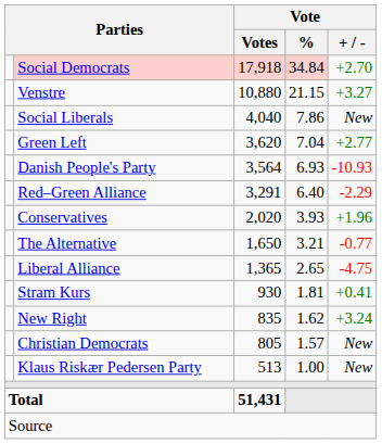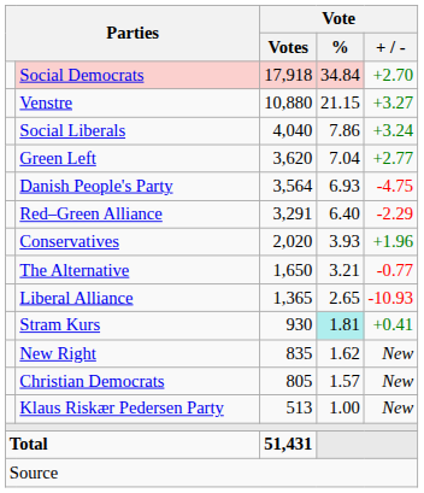 <table class="wikitable" style="text-align:right;">
 <tr>
 <th style="text-align:centre;" rowspan="2" colspan="2" width="225">Parties</th>
 <th colspan="3">Vote</th>
 </tr>
 <tr>
 <th width="15">Votes</th>
 <th width="15">%</th>
 <th width="15">+ / -</th>
 </tr>
 <tr>
 <td width="2" style="color:inherit;background:"></td>
 <td bgcolor=#fbd0ce  align="left"><a href='#'>Social Democrats</a></td>
 <td bgcolor=#fbd0ce>17,918</td>
 <td bgcolor=#fbd0ce>34.84</td>
 <td style=color:green;>+2.70</td>
 </tr>
 <tr>
 <td width="2" style="color:inherit;background:"></td>
 <td align="left"><a href='#'>Venstre</a></td>
 <td>10,880</td>
 <td>21.15</td>
 <td style=color:green;>+3.27</td>
 </tr>
 <tr>
 <td width="2" style="color:inherit;background:"></td>
 <td align="left"><a href='#'>Social Liberals</a></td>
 <td>4,040</td>
 <td>7.86</td>
-<td><em>New</em></td>
+<td style=color:green;>+3.24</td>
 </tr>
 <tr>
 <td width="2" style="color:inherit;background:"></td>
 <td align="left"><a href='#'>Green Left</a></td>
 <td>3,620</td>
 <td>7.04</td>
 <td style=color:green;>+2.77</td>
 </tr>
 <tr>
 <td width="2" style="color:inherit;background:"></td>
 <td align="left"><a href='#'>Danish People's Party</a></td>
 <td>3,564</td>
 <td>6.93</td>
-<td style=color:red;>-10.93</td>
+<td style=color:red;>-4.75</td>
 </tr>
 <tr>
 <td width="2" style="color:inherit;background:"></td>
 <td align="left"><a href='#'>Red–Green Alliance</a></td>
 <td>3,291</td>
 <td>6.40</td>
 <td style=color:red;>-2.29</td>
 </tr>
 <tr>
 <td width="2" style="color:inherit;background:"></td>
 <td align="left"><a href='#'>Conservatives</a></td>
 <td>2,020</td>
 <td>3.93</td>
 <td style=color:green;>+1.96</td>
 </tr>
 <tr>
 <td width="2" style="color:inherit;background:"></td>
 <td align="left"><a href='#'>The Alternative</a></td>
 <td>1,650</td>
 <td>3.21</td>
 <td style=color:red;>-0.77</td>
 </tr>
 <tr>
 <td width="2" style="color:inherit;background:"></td>
 <td align="left"><a href='#'>Liberal Alliance</a></td>
 <td>1,365</td>
 <td>2.65</td>
-<td style=color:red;>-4.75</td>
+<td style=color:red;>-10.93</td>
 </tr>
 <tr>
 <td width="2" style="color:inherit;background:"></td>
 <td align="left"><a href='#'>Stram Kurs</a></td>
 <td>930</td>
-<td>1.81</td>
+<td style="background: paleturquoise;">1.81</td>
 <td style=color:green;>+0.41</td>
 </tr>
 <tr>
 <td width="2" style="color:inherit;background:"></td>
 <td align="left"><a href='#'>New Right</a></td>
 <td>835</td>
 <td>1.62</td>
-<td style=color:green;>+3.24</td>
+<td><em>New</em></td>
 </tr>
 <tr>
 <td width="2" style="color:inherit;background:"></td>
 <td align="left"><a href='#'>Christian Democrats</a></td>
 <td>805</td>
 <td>1.57</td>
 <td><em>New</em></td>
 </tr>
 <tr>
 <td width="2" style="color:inherit;background:"></td>
 <td align="left"><a href='#'>Klaus Riskær Pedersen Party</a></td>
 <td>513</td>
 <td>1.00</td>
 <td><em>New</em></td>
 </tr>
 <tr>
 <td colspan="7" bgcolor="#E9E9E9"></td>
 </tr>
 <tr>
 <td align="left" colspan="2"><strong>Total</strong></td>
 <td><strong>51,431</strong></td>
 <td bgcolor="#E9E9E9" colspan="2"></td>
 </tr>
 <tr>
 <td align="left" colspan="6">Source</td>
 </tr>
 </table>
